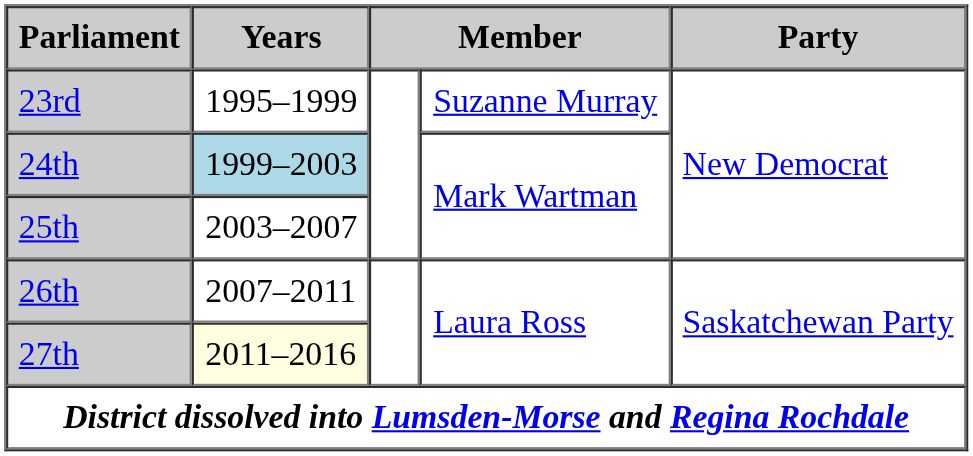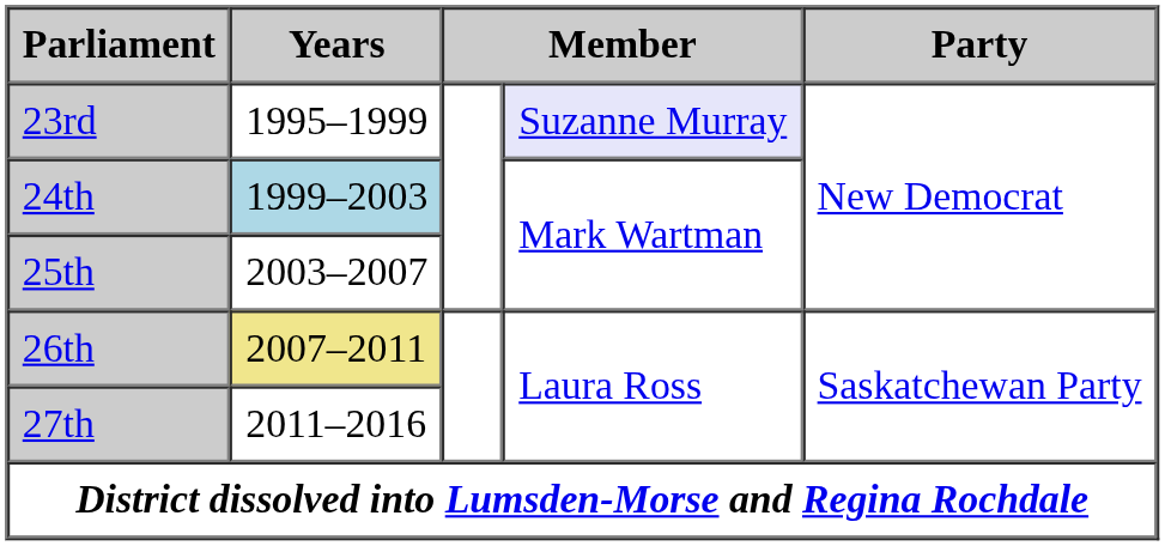 <table border=1 cellpadding=5 cellspacing=0>
 <tr bgcolor="CCCCCC">
 <th>Parliament</th>
 <th>Years</th>
 <th colspan="2">Member</th>
 <th>Party</th>
 </tr>
 <tr>
 <td bgcolor="CCCCCC"><a href='#'>23rd</a></td>
 <td>1995–1999</td>
 <td rowspan="3" >   </td>
-<td><a href='#'>Suzanne Murray</a></td>
+<td style="background: lavender;"><a href='#'>Suzanne Murray</a></td>
 <td rowspan="3"><a href='#'>New Democrat</a></td>
 </tr>
 <tr>
 <td bgcolor="CCCCCC"><a href='#'>24th</a></td>
 <td style="background: lightblue;">1999–2003</td>
 <td rowspan="2"><a href='#'>Mark Wartman</a></td>
 </tr>
 <tr>
 <td bgcolor="CCCCCC"><a href='#'>25th</a></td>
 <td>2003–2007</td>
 </tr>
 <tr>
 <td bgcolor="CCCCCC"><a href='#'>26th</a></td>
-<td>2007–2011</td>
+<td style="background: khaki;">2007–2011</td>
 <td rowspan="2" >   </td>
 <td rowspan="2"><a href='#'>Laura Ross</a></td>
 <td rowspan="2"><a href='#'>Saskatchewan Party</a></td>
 </tr>
 <tr>
 <td bgcolor="CCCCCC"><a href='#'>27th</a></td>
-<td style="background: lightyellow;">2011–2016</td>
+<td>2011–2016</td>
 </tr>
 <tr>
 <td colspan="5" align="center"><strong><em>District dissolved into <a href='#'>Lumsden-Morse</a> and <a href='#'>Regina Rochdale</a></em></strong></td>
 </tr>
 <tr>
 </tr>
 </table>
